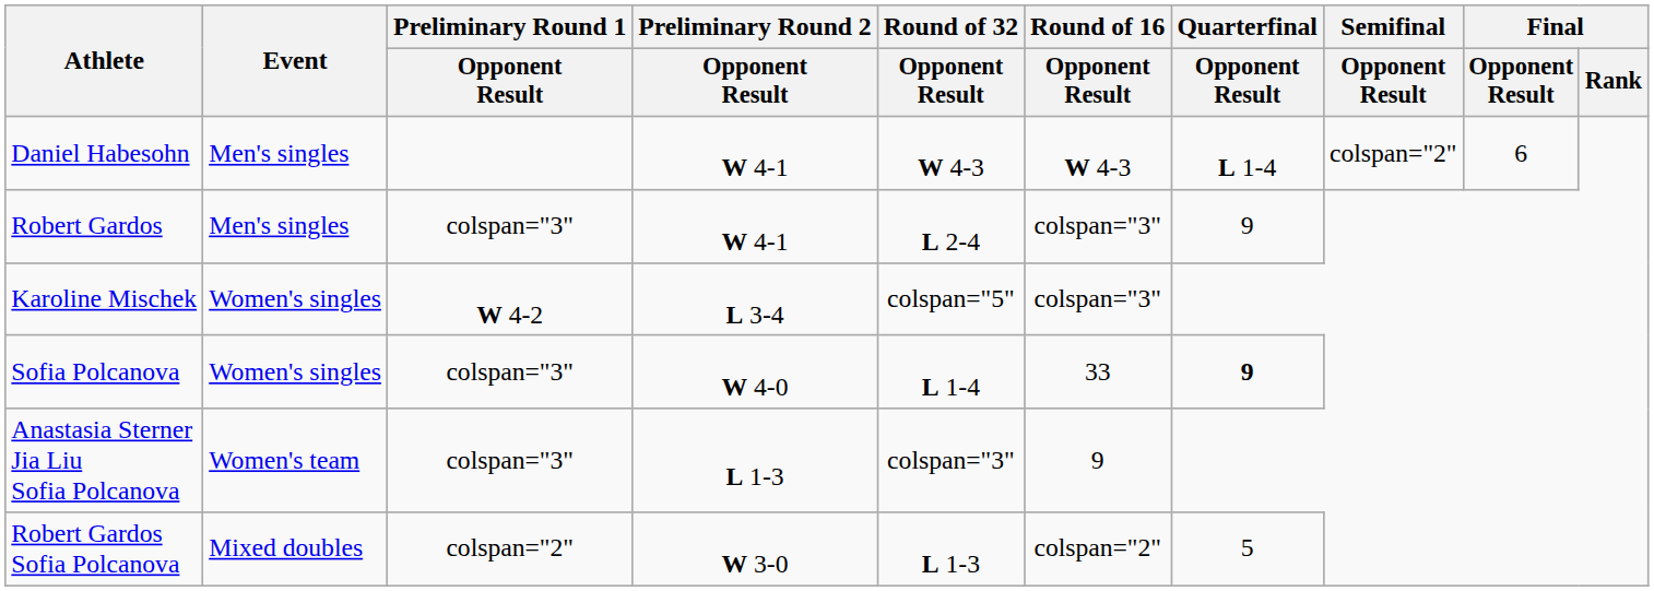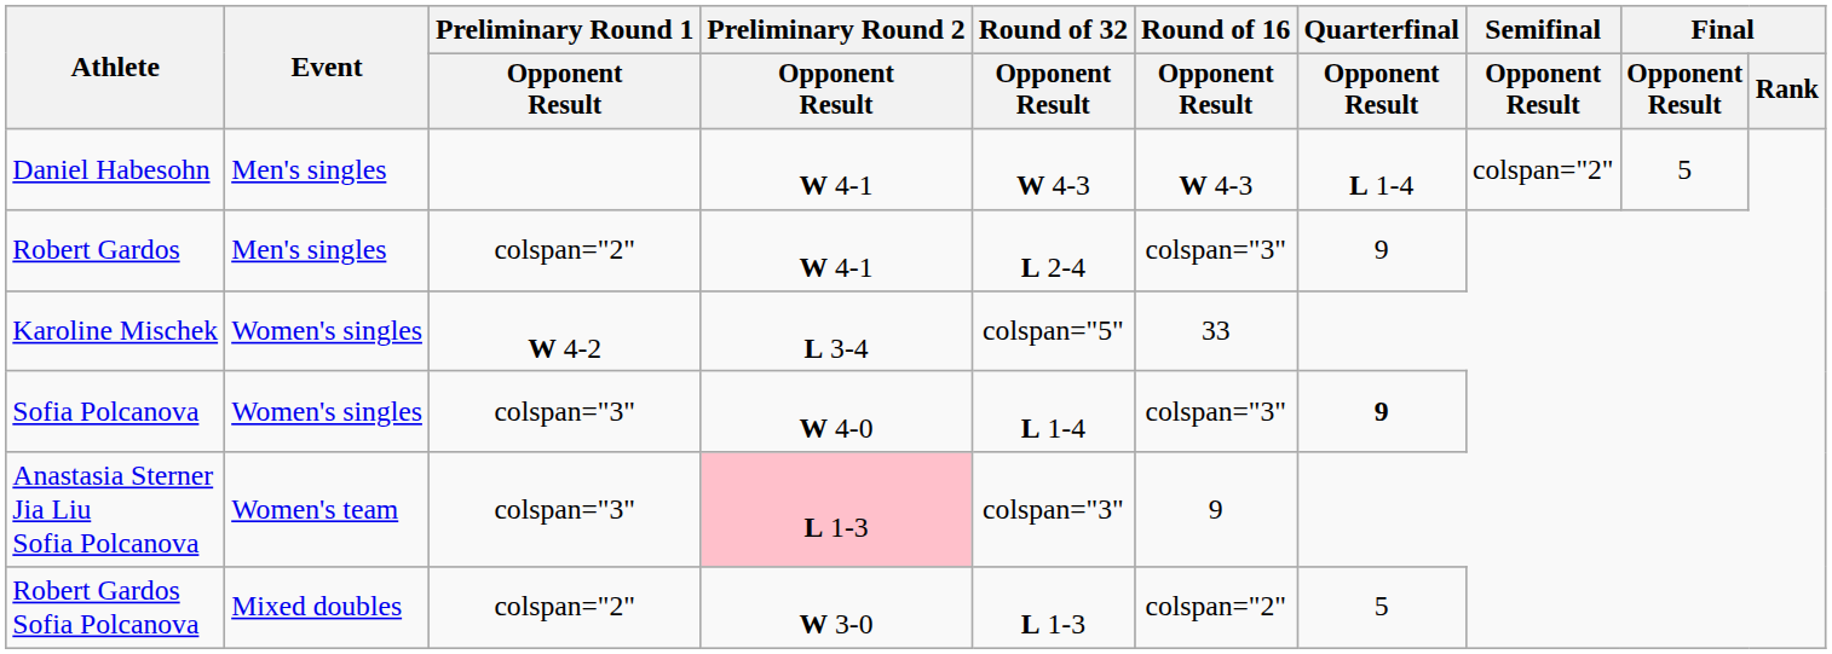 <table class="wikitable" style="font-size:90%; text-align:center">
 <tr>
 <th rowspan="2">Athlete</th>
 <th rowspan="2">Event</th>
 <th>Preliminary Round 1</th>
 <th>Preliminary Round 2</th>
 <th>Round of 32</th>
 <th>Round of 16</th>
 <th>Quarterfinal</th>
 <th>Semifinal</th>
 <th colspan="2">Final</th>
 </tr>
 <tr style="font-size:95%">
 <th>Opponent<br>Result</th>
 <th>Opponent<br>Result</th>
 <th>Opponent<br>Result</th>
 <th>Opponent<br>Result</th>
 <th>Opponent<br>Result</th>
 <th>Opponent<br>Result</th>
 <th>Opponent<br>Result</th>
 <th>Rank</th>
 </tr>
 <tr>
 <td align="left"><a href='#'>Daniel Habesohn</a></td>
 <td align="left"><a href='#'>Men's singles</a></td>
 <td></td>
 <td><br><strong>W</strong> 4-1</td>
 <td><br><strong>W</strong> 4-3</td>
 <td><br><strong>W</strong> 4-3</td>
 <td><br><strong>L</strong> 1-4</td>
 <td>colspan="2" </td>
-<td>6</td>
+<td>5</td>
 </tr>
 <tr>
 <td align="left"><a href='#'>Robert Gardos</a></td>
 <td align="left"><a href='#'>Men's singles</a></td>
-<td>colspan="3" </td>
+<td>colspan="2" </td>
 <td><br><strong>W</strong> 4-1</td>
 <td><br><strong>L</strong> 2-4</td>
 <td>colspan="3" </td>
 <td>9</td>
 </tr>
 <tr>
 <td align="left"><a href='#'>Karoline Mischek</a></td>
 <td align="left"><a href='#'>Women's singles</a></td>
 <td><br><strong>W</strong> 4-2</td>
 <td><br><strong>L</strong> 3-4</td>
 <td>colspan="5" </td>
-<td>colspan="3" </td>
+<td>33</td>
 </tr>
 <tr>
 <td align="left"><a href='#'>Sofia Polcanova</a></td>
 <td align="left"><a href='#'>Women's singles</a></td>
 <td>colspan="3" </td>
 <td><br><strong>W</strong> 4-0</td>
 <td><br><strong>L</strong> 1-4</td>
-<td>33</td>
+<td>colspan="3" </td>
 <td><strong>9</strong></td>
 </tr>
 <tr>
 <td align="left"><a href='#'>Anastasia Sterner</a><br><a href='#'>Jia Liu</a><br><a href='#'>Sofia Polcanova</a></td>
 <td align="left"><a href='#'>Women's team</a></td>
 <td>colspan="3" </td>
-<td><br><strong>L</strong> 1-3</td>
+<td style="background: pink;"><br><strong>L</strong> 1-3</td>
 <td>colspan="3" </td>
 <td>9</td>
 </tr>
 <tr>
 <td align="left"><a href='#'>Robert Gardos</a><br><a href='#'>Sofia Polcanova</a></td>
 <td align="left"><a href='#'>Mixed doubles</a></td>
 <td>colspan="2" </td>
 <td><br><strong>W</strong> 3-0</td>
 <td><br><strong>L</strong> 1-3</td>
 <td>colspan="2" </td>
 <td>5</td>
 </tr>
 </table>
